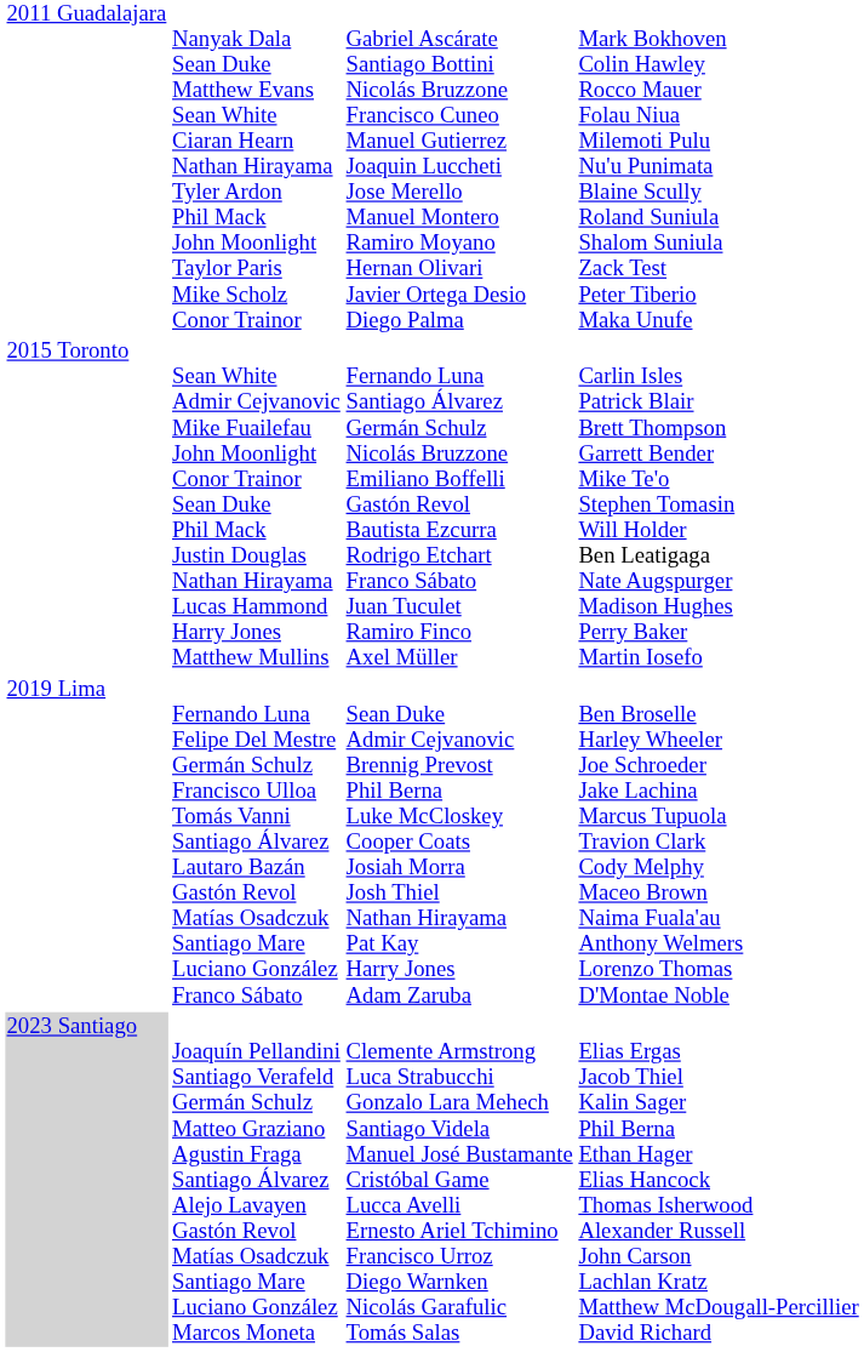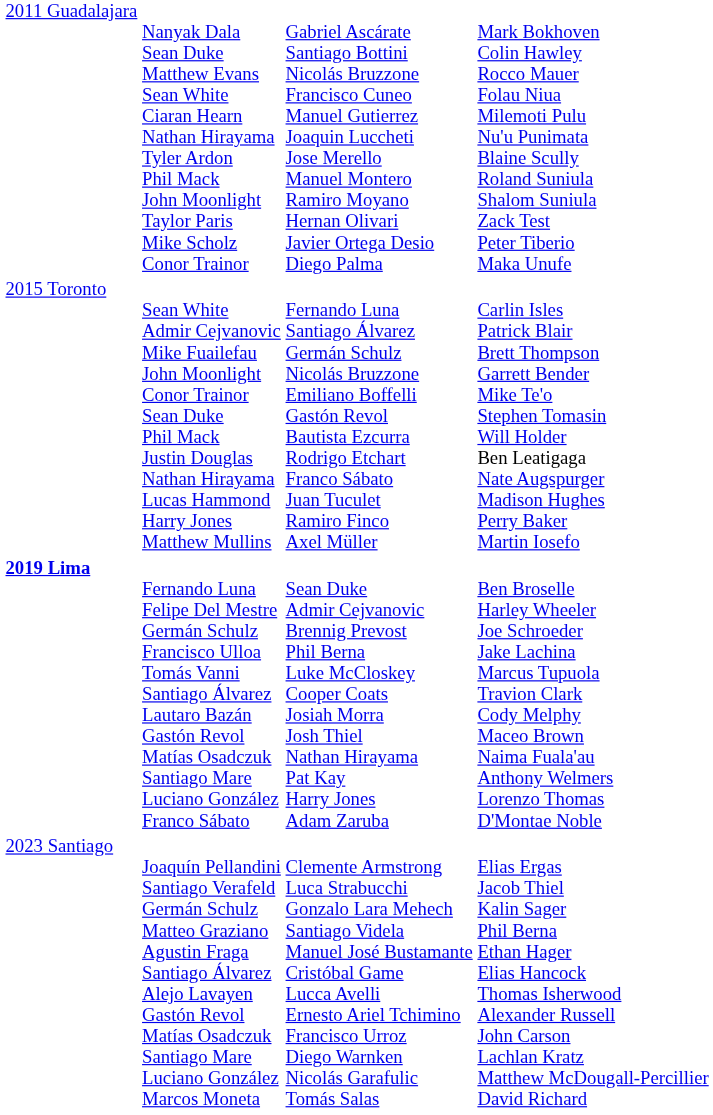 <table>
 <tr valign="top">
 <td><a href='#'>2011 Guadalajara</a><br></td>
 <td><br><a href='#'>Nanyak Dala</a><br><a href='#'>Sean Duke</a><br><a href='#'>Matthew Evans</a><br><a href='#'>Sean White</a><br><a href='#'>Ciaran Hearn</a><br><a href='#'>Nathan Hirayama</a><br><a href='#'>Tyler Ardon</a><br><a href='#'>Phil Mack</a><br><a href='#'>John Moonlight</a> <br><a href='#'>Taylor Paris</a><br><a href='#'>Mike Scholz</a><br><a href='#'>Conor Trainor</a></td>
 <td><br><a href='#'>Gabriel Ascárate</a><br><a href='#'>Santiago Bottini</a><br><a href='#'>Nicolás Bruzzone</a><br><a href='#'>Francisco Cuneo</a><br><a href='#'>Manuel Gutierrez</a><br><a href='#'>Joaquin Luccheti</a><br><a href='#'>Jose Merello</a><br><a href='#'>Manuel Montero</a><br><a href='#'>Ramiro Moyano</a><br><a href='#'>Hernan Olivari</a><br><a href='#'>Javier Ortega Desio</a><br><a href='#'>Diego Palma</a></td>
 <td><br><a href='#'>Mark Bokhoven</a><br><a href='#'>Colin Hawley</a><br><a href='#'>Rocco Mauer</a><br><a href='#'>Folau Niua</a><br><a href='#'>Milemoti Pulu</a><br><a href='#'>Nu'u Punimata</a><br><a href='#'>Blaine Scully</a><br><a href='#'>Roland Suniula</a><br><a href='#'>Shalom Suniula</a><br><a href='#'>Zack Test</a><br><a href='#'>Peter Tiberio</a><br><a href='#'>Maka Unufe</a></td>
 </tr>
 <tr valign="top">
 <td><a href='#'>2015 Toronto</a><br></td>
 <td><br><a href='#'>Sean White</a><br><a href='#'>Admir Cejvanovic</a><br><a href='#'>Mike Fuailefau</a><br><a href='#'>John Moonlight</a><br><a href='#'>Conor Trainor</a><br><a href='#'>Sean Duke</a><br><a href='#'>Phil Mack</a><br><a href='#'>Justin Douglas</a><br><a href='#'>Nathan Hirayama</a><br><a href='#'>Lucas Hammond</a><br><a href='#'>Harry Jones</a><br><a href='#'>Matthew Mullins</a></td>
 <td><br><a href='#'>Fernando Luna</a><br><a href='#'>Santiago Álvarez</a><br><a href='#'>Germán Schulz</a><br><a href='#'>Nicolás Bruzzone</a><br><a href='#'>Emiliano Boffelli</a><br><a href='#'>Gastón Revol</a><br><a href='#'>Bautista Ezcurra</a><br><a href='#'>Rodrigo Etchart</a><br><a href='#'>Franco Sábato</a><br><a href='#'>Juan Tuculet</a><br><a href='#'>Ramiro Finco</a><br><a href='#'>Axel Müller</a></td>
 <td><br><a href='#'>Carlin Isles</a><br><a href='#'>Patrick Blair</a><br><a href='#'>Brett Thompson</a><br><a href='#'>Garrett Bender</a><br><a href='#'>Mike Te'o</a><br><a href='#'>Stephen Tomasin</a><br><a href='#'>Will Holder</a><br>Ben Leatigaga<br><a href='#'>Nate Augspurger</a><br><a href='#'>Madison Hughes</a><br><a href='#'>Perry Baker</a><br><a href='#'>Martin Iosefo</a></td>
 </tr>
 <tr valign="top">
-<td><a href='#'>2019 Lima</a><br></td>
+<td><strong><a href='#'>2019 Lima</a><br></strong></td>
 <td><br><a href='#'>Fernando Luna</a><br><a href='#'>Felipe Del Mestre</a><br><a href='#'>Germán Schulz</a><br><a href='#'>Francisco Ulloa</a><br><a href='#'>Tomás Vanni</a><br><a href='#'>Santiago Álvarez</a><br><a href='#'>Lautaro Bazán</a><br><a href='#'>Gastón Revol</a><br><a href='#'>Matías Osadczuk</a><br><a href='#'>Santiago Mare</a><br><a href='#'>Luciano González</a><br><a href='#'>Franco Sábato</a></td>
 <td><br><a href='#'>Sean Duke</a><br><a href='#'>Admir Cejvanovic</a><br><a href='#'>Brennig Prevost</a><br><a href='#'>Phil Berna</a><br><a href='#'>Luke McCloskey</a><br><a href='#'>Cooper Coats</a><br><a href='#'>Josiah Morra</a><br><a href='#'>Josh Thiel</a><br><a href='#'>Nathan Hirayama</a><br><a href='#'>Pat Kay</a><br><a href='#'>Harry Jones</a><br><a href='#'>Adam Zaruba</a></td>
 <td><br><a href='#'>Ben Broselle</a><br><a href='#'>Harley Wheeler</a><br><a href='#'>Joe Schroeder</a><br><a href='#'>Jake Lachina</a><br><a href='#'>Marcus Tupuola</a><br><a href='#'>Travion Clark</a><br><a href='#'>Cody Melphy</a><br><a href='#'>Maceo Brown</a><br><a href='#'>Naima Fuala'au</a><br><a href='#'>Anthony Welmers</a><br><a href='#'>Lorenzo Thomas</a><br><a href='#'>D'Montae Noble</a></td>
 </tr>
 <tr valign="top">
-<td style="background: lightgrey;"><a href='#'>2023 Santiago</a><br></td>
+<td><a href='#'>2023 Santiago</a><br></td>
 <td><br><a href='#'>Joaquín Pellandini</a><br><a href='#'>Santiago Verafeld</a><br><a href='#'>Germán Schulz</a><br><a href='#'>Matteo Graziano</a><br><a href='#'>Agustin Fraga</a><br><a href='#'>Santiago Álvarez</a><br><a href='#'>Alejo Lavayen</a><br><a href='#'>Gastón Revol</a><br><a href='#'>Matías Osadczuk</a><br><a href='#'>Santiago Mare</a><br><a href='#'>Luciano González</a><br><a href='#'>Marcos Moneta</a></td>
 <td><br><a href='#'>Clemente Armstrong</a><br><a href='#'>Luca Strabucchi</a><br><a href='#'>Gonzalo Lara Mehech</a><br><a href='#'>Santiago Videla</a><br><a href='#'>Manuel José Bustamante</a><br><a href='#'>Cristóbal Game</a><br><a href='#'>Lucca Avelli</a><br><a href='#'>Ernesto Ariel Tchimino</a><br><a href='#'>Francisco Urroz</a><br><a href='#'>Diego Warnken</a><br><a href='#'>Nicolás Garafulic</a><br><a href='#'>Tomás Salas</a></td>
 <td><br><a href='#'>Elias Ergas</a><br><a href='#'>Jacob Thiel</a><br><a href='#'>Kalin Sager</a><br><a href='#'>Phil Berna</a><br><a href='#'>Ethan Hager</a><br><a href='#'>Elias Hancock</a><br><a href='#'>Thomas Isherwood</a><br><a href='#'>Alexander Russell</a><br><a href='#'>John Carson</a><br><a href='#'>Lachlan Kratz</a><br><a href='#'>Matthew McDougall-Percillier</a><br><a href='#'>David Richard</a></td>
 </tr>
 </table>
